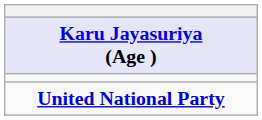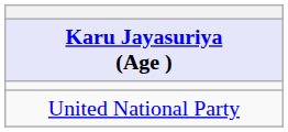 <table class=wikitable style="margin:1em auto; font-size:90%; text-align:center;">
 <tr>
 <th style="font-size:135%; width:175px; background:"><a href='#'></a></th>
 </tr>
 <tr>
 <th style="background:lavender;"><strong><a href='#'>Karu Jayasuriya</a></strong><br>(Age )</th>
 </tr>
 <tr>
 <td></td>
 </tr>
 <tr>
-<td><strong><a href='#'>United National Party</a><br></strong></td>
+<td><a href='#'>United National Party</a><br></td>
 </tr>
 </table>
